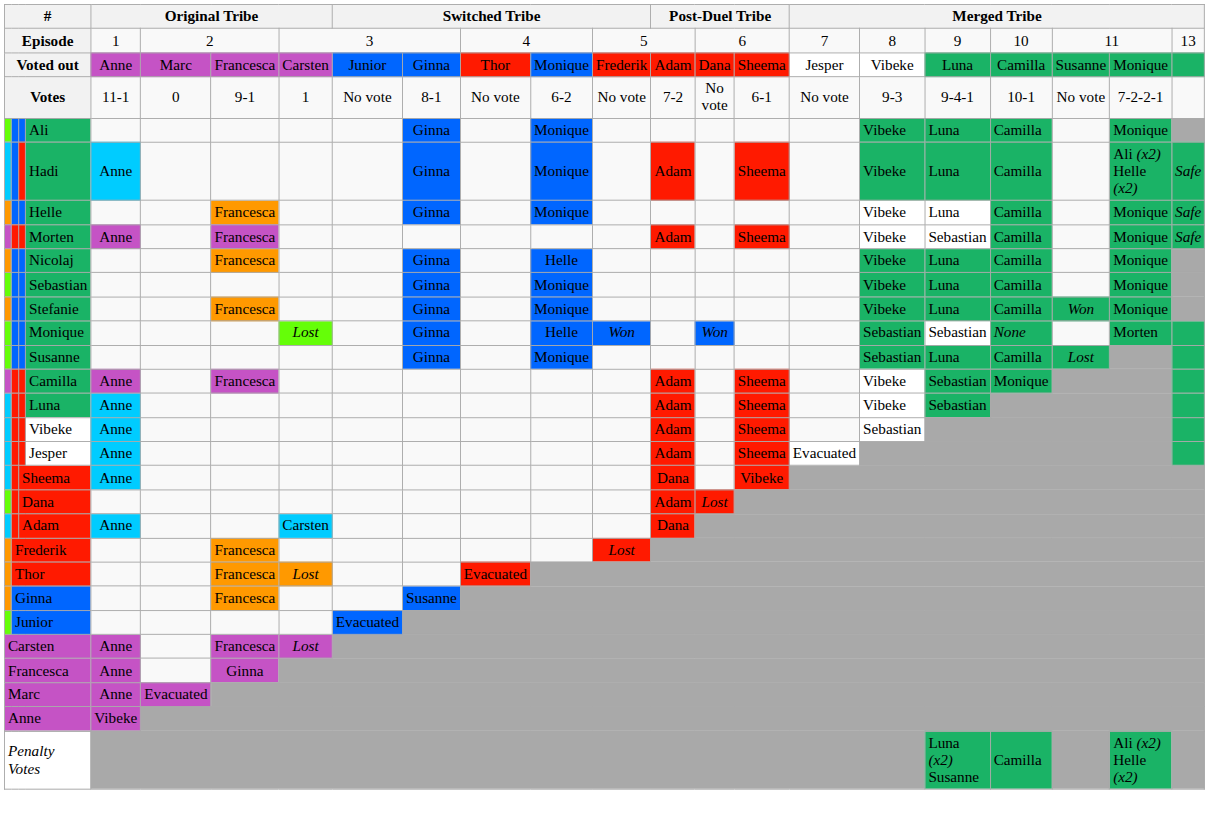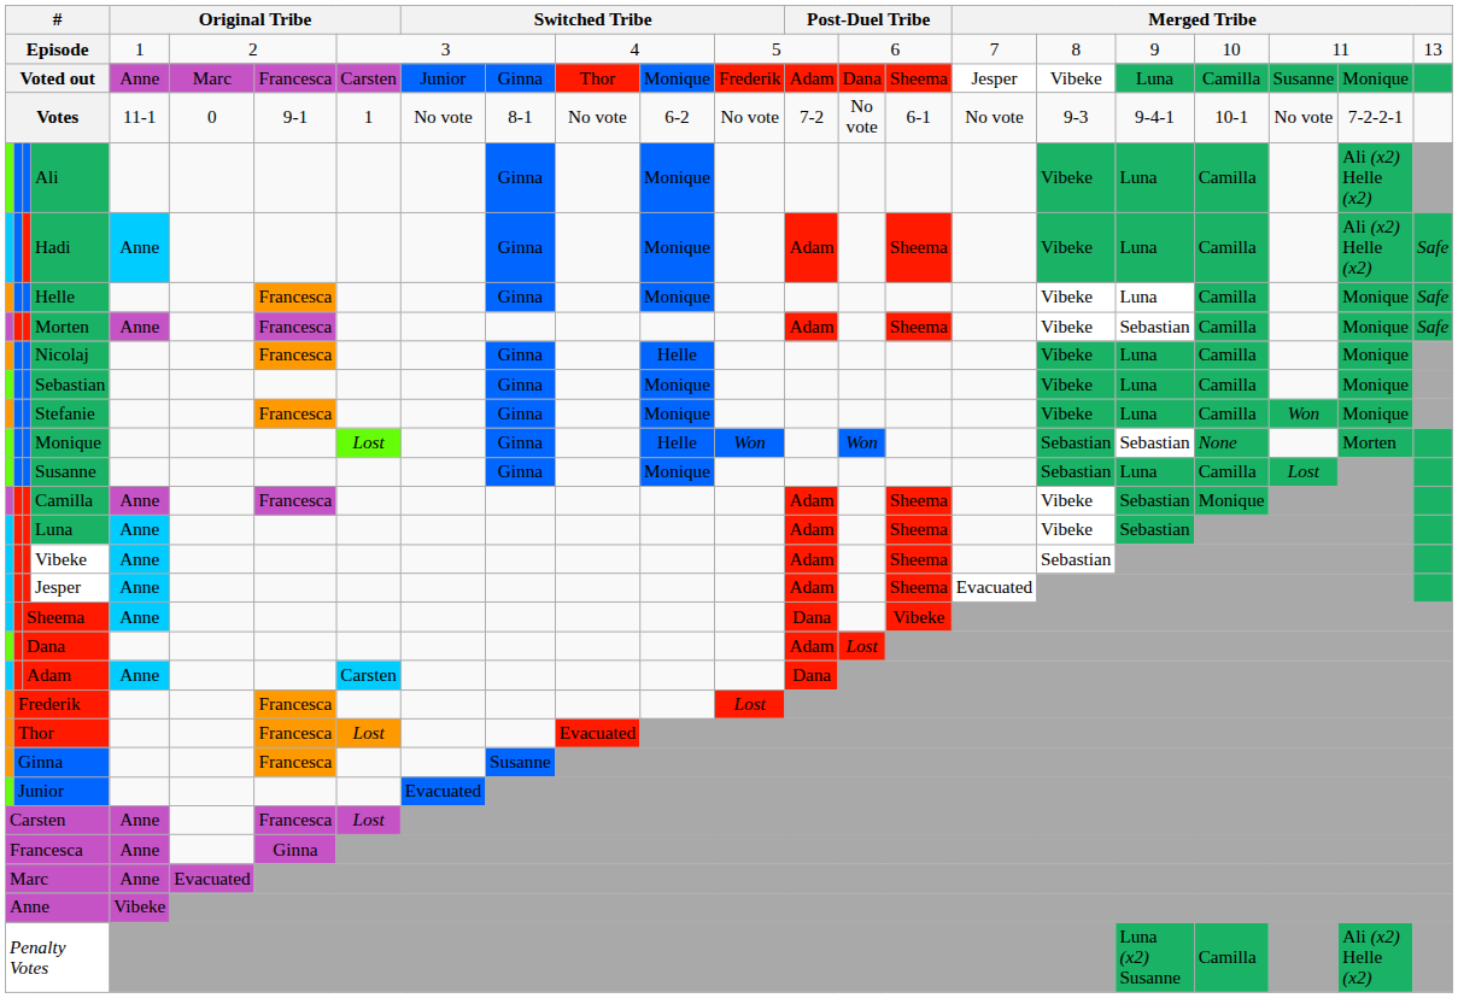 <table class="wikitable" text-align:center;">
 <tr>
 <th colspan="4">#</th>
 <th colspan="4">Original Tribe</th>
 <th colspan="5">Switched Tribe</th>
 <th colspan="3">Post-Duel Tribe</th>
 <th colspan="12">Merged Tribe</th>
 </tr>
 <tr>
 <th colspan="4" align="left">Episode</th>
 <td align="center">1</td>
 <td colspan="2" align="center">2</td>
 <td colspan="3" align="center">3</td>
 <td colspan="2" align="center">4</td>
 <td colspan="2" align="center">5</td>
 <td colspan="2" align="center">6</td>
 <td align="center">7</td>
 <td align="center">8</td>
 <td align="center">9</td>
 <td align="center">10</td>
 <td colspan="2" align="center">11</td>
 <td align="center">13</td>
 </tr>
 <tr>
 <th colspan="4" align="left">Voted out</th>
 <td colspan="1" align="center" bgcolor="#c553c5">Anne</td>
 <td colspan="1" align="center" bgcolor="#c553c5">Marc</td>
 <td colspan="1" align="center" bgcolor="#c553c5">Francesca</td>
 <td colspan="1" align="center" bgcolor="#c553c5">Carsten</td>
 <td colspan="1" align="center" bgcolor="#0066ff">Junior</td>
 <td colspan="1" align="center" bgcolor="#0066ff">Ginna</td>
 <td colspan="1" align="center" bgcolor="#ff1a00">Thor</td>
 <td colspan="1" align="center" bgcolor="#0066ff">Monique</td>
 <td colspan="1" align="center" bgcolor="#ff1a00">Frederik</td>
 <td colspan="1" align="center" bgcolor="#ff1a00">Adam</td>
 <td colspan="1" align="center" bgcolor="#ff1a00">Dana</td>
 <td colspan="1" align="center" bgcolor="#ff1a00">Sheema</td>
 <td colspan="1" align="center" bgcolor="white">Jesper</td>
 <td colspan="1" align="center" bgcolor="white">Vibeke</td>
 <td colspan="1" align="center" bgcolor="#1ab366">Luna</td>
 <td colspan="1" align="center" bgcolor="#1ab366">Camilla</td>
 <td colspan="1" align="center" bgcolor="#1ab366">Susanne</td>
 <td colspan="1" align="center" bgcolor="#1ab366">Monique</td>
 <td colspan="1" align="center" bgcolor="#1ab366"></td>
 </tr>
 <tr>
 <th colspan="4" align="left">Votes</th>
 <td align="center">11-1</td>
 <td align="center">0</td>
 <td align="center">9-1</td>
 <td align="center">1</td>
 <td align="center">No vote</td>
 <td align="center">8-1</td>
 <td align="center">No vote</td>
 <td align="center">6-2</td>
 <td align="center">No vote</td>
 <td align="center">7-2</td>
 <td align="center">No vote</td>
 <td align="center">6-1</td>
 <td align="center">No vote</td>
 <td align="center">9-3</td>
 <td align="center">9-4-1</td>
 <td align="center">10-1</td>
 <td align="center">No vote</td>
 <td align="center">7-2-2-1</td>
 <td align="center"></td>
 </tr>
 <tr>
 <td bgcolor="#65fe08"></td>
 <td bgcolor="#0066ff"></td>
 <td bgcolor="#0066ff"></td>
 <td align="left" bgcolor="#1ab366">Ali</td>
 <td></td>
 <td></td>
 <td></td>
 <td></td>
 <td></td>
 <td align="center" bgcolor="#0066ff">Ginna</td>
 <td></td>
 <td align="center" bgcolor="#0066ff">Monique</td>
 <td></td>
 <td></td>
 <td></td>
 <td></td>
 <td></td>
 <td bgcolor="#1ab366">Vibeke</td>
 <td bgcolor="#1ab366">Luna</td>
 <td bgcolor="#1ab366">Camilla</td>
 <td></td>
-<td bgcolor="#1ab366">Monique</td>
+<td bgcolor="#1ab366">Ali <em>(x2)</em><br>Helle <em>(x2)</em></td>
 <td bgcolor="darkgrey"></td>
 </tr>
 <tr>
 <td bgcolor="#00ccff"></td>
 <td bgcolor="#0066ff"></td>
 <td bgcolor="#ff1a00"></td>
 <td align="left" bgcolor="#1ab366">Hadi</td>
 <td align="center" bgcolor="#00ccff">Anne</td>
 <td></td>
 <td></td>
 <td></td>
 <td></td>
 <td align="center" bgcolor="#0066ff">Ginna</td>
 <td></td>
 <td align="center" bgcolor="#0066ff">Monique</td>
 <td></td>
 <td align="center" bgcolor="#ff1a00">Adam</td>
 <td></td>
 <td align="center" bgcolor="#ff1a00">Sheema</td>
 <td></td>
 <td bgcolor="#1ab366">Vibeke</td>
 <td bgcolor="#1ab366">Luna</td>
 <td bgcolor="#1ab366">Camilla</td>
 <td></td>
 <td bgcolor="#1ab366">Ali <em>(x2)</em><br>Helle <em>(x2)</em></td>
 <td bgcolor="#1ab366"><em>Safe</em></td>
 </tr>
 <tr>
 <td bgcolor="#ff9900"></td>
 <td bgcolor="#0066ff"></td>
 <td bgcolor="#0066ff"></td>
 <td align="left" bgcolor="#1ab366">Helle</td>
 <td></td>
 <td></td>
 <td align="center" bgcolor="#ff9900">Francesca</td>
 <td></td>
 <td></td>
 <td align="center" bgcolor="#0066ff">Ginna</td>
 <td></td>
 <td align="center" bgcolor="#0066ff">Monique</td>
 <td></td>
 <td></td>
 <td></td>
 <td></td>
 <td></td>
 <td bgcolor="white">Vibeke</td>
 <td bgcolor="white">Luna</td>
 <td bgcolor="#1ab366">Camilla</td>
 <td></td>
 <td bgcolor="#1ab366">Monique</td>
 <td bgcolor="#1ab366"><em>Safe</em></td>
 </tr>
 <tr>
 <td bgcolor="#c553c5"></td>
 <td bgcolor="#ff1a00"></td>
 <td bgcolor="#ff1a00"></td>
 <td align="left" bgcolor="#1ab366">Morten</td>
 <td align="center" bgcolor="#c553c5">Anne</td>
 <td></td>
 <td align="center" bgcolor="#c553c5">Francesca</td>
 <td></td>
 <td></td>
 <td></td>
 <td></td>
 <td></td>
 <td></td>
 <td align="center" bgcolor="#ff1a00">Adam</td>
 <td></td>
 <td align="center" bgcolor="#ff1a00">Sheema</td>
 <td></td>
 <td bgcolor="white">Vibeke</td>
 <td bgcolor="white">Sebastian</td>
 <td bgcolor="#1ab366">Camilla</td>
 <td></td>
 <td bgcolor="#1ab366">Monique</td>
 <td bgcolor="#1ab366"><em>Safe</em></td>
 </tr>
 <tr>
 <td bgcolor="#ff9900"></td>
 <td bgcolor="#0066ff"></td>
 <td bgcolor="#0066ff"></td>
 <td align="left" bgcolor="#1ab366">Nicolaj</td>
 <td></td>
 <td></td>
 <td align="center" bgcolor="#ff9900">Francesca</td>
 <td></td>
 <td></td>
 <td align="center" bgcolor="#0066ff">Ginna</td>
 <td></td>
 <td align="center" bgcolor="#0066ff">Helle</td>
 <td></td>
 <td></td>
 <td></td>
 <td></td>
 <td></td>
 <td bgcolor="#1ab366">Vibeke</td>
 <td bgcolor="#1ab366">Luna</td>
 <td bgcolor="#1ab366">Camilla</td>
 <td></td>
 <td bgcolor="#1ab366">Monique</td>
 <td bgcolor="darkgrey"></td>
 </tr>
 <tr>
 <td bgcolor="#65fe08"></td>
 <td bgcolor="#0066ff"></td>
 <td bgcolor="#0066ff"></td>
 <td align="left" bgcolor="#1ab366">Sebastian</td>
 <td></td>
 <td></td>
 <td></td>
 <td></td>
 <td></td>
 <td align="center" bgcolor="#0066ff">Ginna</td>
 <td></td>
 <td align="center" bgcolor="#0066ff">Monique</td>
 <td></td>
 <td></td>
 <td></td>
 <td></td>
 <td></td>
 <td bgcolor="#1ab366">Vibeke</td>
 <td bgcolor="#1ab366">Luna</td>
 <td bgcolor="#1ab366">Camilla</td>
 <td></td>
 <td bgcolor="#1ab366">Monique</td>
 <td bgcolor="darkgrey"></td>
 </tr>
 <tr>
 <td bgcolor="#ff9900"></td>
 <td bgcolor="#0066ff"></td>
 <td bgcolor="#0066ff"></td>
 <td align="left" bgcolor="#1ab366">Stefanie</td>
 <td></td>
 <td></td>
 <td align="center" bgcolor="#ff9900">Francesca</td>
 <td></td>
 <td></td>
 <td align="center" bgcolor="#0066ff">Ginna</td>
 <td></td>
 <td align="center" bgcolor="#0066ff">Monique</td>
 <td></td>
 <td></td>
 <td></td>
 <td></td>
 <td></td>
 <td bgcolor="#1ab366">Vibeke</td>
 <td bgcolor="#1ab366">Luna</td>
 <td bgcolor="#1ab366">Camilla</td>
 <td align="center" bgcolor="#1ab366"><em>Won</em></td>
 <td bgcolor="#1ab366">Monique</td>
 <td bgcolor="darkgrey"></td>
 </tr>
 <tr>
 <td bgcolor="#65fe08"></td>
 <td bgcolor="#0066ff"></td>
 <td bgcolor="#0066ff"></td>
 <td align="left" bgcolor="#1ab366">Monique</td>
 <td></td>
 <td></td>
 <td></td>
 <td align="center" bgcolor="#65fe08"><em>Lost</em></td>
 <td></td>
 <td align="center" bgcolor="#0066ff">Ginna</td>
 <td></td>
 <td align="center" bgcolor="#0066ff">Helle</td>
 <td align="center" bgcolor="#0066ff"><em>Won</em></td>
 <td></td>
 <td align="center" bgcolor="#0066ff"><em>Won</em></td>
 <td></td>
 <td></td>
 <td bgcolor="#1ab366">Sebastian</td>
 <td bgcolor="white">Sebastian</td>
 <td bgcolor="#1ab366"><em>None</em></td>
 <td></td>
 <td bgcolor="#1ab366">Morten</td>
 <td bgcolor="#1ab366"></td>
 </tr>
 <tr>
 <td bgcolor="#65fe08"></td>
 <td bgcolor="#0066ff"></td>
 <td bgcolor="#0066ff"></td>
 <td align="left" bgcolor="#1ab366">Susanne</td>
 <td></td>
 <td></td>
 <td></td>
 <td></td>
 <td></td>
 <td align="center" bgcolor="#0066ff">Ginna</td>
 <td></td>
 <td align="center" bgcolor="#0066ff">Monique</td>
 <td></td>
 <td></td>
 <td></td>
 <td></td>
 <td></td>
 <td bgcolor="#1ab366">Sebastian</td>
 <td bgcolor="#1ab366">Luna</td>
 <td bgcolor="#1ab366">Camilla</td>
 <td align="center" bgcolor="#1ab366"><em>Lost</em></td>
 <td bgcolor="darkgrey"></td>
 <td bgcolor="#1ab366"></td>
 </tr>
 <tr>
 <td bgcolor="#c553c5"></td>
 <td bgcolor="#ff1a00"></td>
 <td bgcolor="#ff1a00"></td>
 <td align="left" bgcolor="#1ab366">Camilla</td>
 <td align="center" bgcolor="#c553c5">Anne</td>
 <td></td>
 <td align="center" bgcolor="#c553c5">Francesca</td>
 <td></td>
 <td></td>
 <td></td>
 <td></td>
 <td></td>
 <td></td>
 <td align="center" bgcolor="#ff1a00">Adam</td>
 <td></td>
 <td align="center" bgcolor="#ff1a00">Sheema</td>
 <td></td>
 <td bgcolor="white">Vibeke</td>
 <td bgcolor="#1ab366">Sebastian</td>
 <td bgcolor="#1ab366">Monique</td>
 <td colspan="2" bgcolor="darkgrey"></td>
 <td bgcolor="#1ab366"></td>
 </tr>
 <tr>
 <td bgcolor="#00ccff"></td>
 <td bgcolor="#ff1a00"></td>
 <td bgcolor="#ff1a00"></td>
 <td align="left" bgcolor="#1ab366">Luna</td>
 <td align="center" bgcolor="#00ccff">Anne</td>
 <td></td>
 <td></td>
 <td></td>
 <td></td>
 <td></td>
 <td></td>
 <td></td>
 <td></td>
 <td align="center" bgcolor="#ff1a00">Adam</td>
 <td></td>
 <td align="center" bgcolor="#ff1a00">Sheema</td>
 <td></td>
 <td bgcolor="white">Vibeke</td>
 <td bgcolor="#1ab366">Sebastian</td>
 <td colspan="3" bgcolor="darkgrey"></td>
 <td bgcolor="#1ab366"></td>
 </tr>
 <tr>
 <td bgcolor="#00ccff"></td>
 <td bgcolor="#ff1a00"></td>
 <td bgcolor="#ff1a00"></td>
 <td align="left" bgcolor="white">Vibeke</td>
 <td align="center" bgcolor="#00ccff">Anne</td>
 <td></td>
 <td></td>
 <td></td>
 <td></td>
 <td></td>
 <td></td>
 <td></td>
 <td></td>
 <td align="left" bgcolor="#ff1a00">Adam</td>
 <td></td>
 <td align="left" bgcolor="#ff1a00">Sheema</td>
 <td></td>
 <td bgcolor="white">Sebastian</td>
 <td colspan="4" bgcolor="darkgrey"></td>
 <td bgcolor="#1ab366"></td>
 </tr>
 <tr>
 <td bgcolor="#00ccff"></td>
 <td bgcolor="#ff1a00"></td>
 <td bgcolor="#ff1a00"></td>
 <td align="left" bgcolor="white">Jesper</td>
 <td align="center" bgcolor="#00ccff">Anne</td>
 <td></td>
 <td></td>
 <td></td>
 <td></td>
 <td></td>
 <td></td>
 <td></td>
 <td></td>
 <td align="left" bgcolor="#ff1a00">Adam</td>
 <td></td>
 <td align="left" bgcolor="#ff1a00">Sheema</td>
 <td align="left" bgcolor="white">Evacuated</td>
 <td colspan="5" bgcolor="darkgrey"></td>
 <td bgcolor="#1ab366"></td>
 </tr>
 <tr>
 <td bgcolor="#00ccff"></td>
 <td bgcolor="#ff1a00"></td>
 <td colspan="2" align="left" bgcolor="#ff1a00">Sheema</td>
 <td align="center" bgcolor="#00ccff">Anne</td>
 <td></td>
 <td></td>
 <td></td>
 <td></td>
 <td></td>
 <td></td>
 <td></td>
 <td></td>
 <td align="center" bgcolor="#ff1a00">Dana</td>
 <td></td>
 <td align="center" bgcolor="#ff1a00">Vibeke</td>
 <td colspan="50" bgcolor="darkgrey"></td>
 </tr>
 <tr>
 <td bgcolor="#65fe08"></td>
 <td bgcolor="#ff1a00"></td>
 <td colspan="2" align="left" bgcolor="#ff1a00">Dana</td>
 <td></td>
 <td></td>
 <td></td>
 <td></td>
 <td></td>
 <td></td>
 <td></td>
 <td></td>
 <td></td>
 <td align="center" bgcolor="#ff1a00">Adam</td>
 <td align="center" bgcolor="#ff1a00"><em>Lost</em></td>
 <td colspan="50" bgcolor="darkgrey"></td>
 </tr>
 <tr>
 <td bgcolor="#00ccff"></td>
 <td bgcolor="#ff1a00"></td>
 <td colspan="2" align="left" bgcolor="#ff1a00">Adam</td>
 <td align="center" bgcolor="#00ccff">Anne</td>
 <td></td>
 <td></td>
 <td align="left" bgcolor="#00ccff">Carsten</td>
 <td></td>
 <td></td>
 <td></td>
 <td></td>
 <td></td>
 <td align="center" bgcolor="#ff1a00">Dana</td>
 <td colspan="50" bgcolor="darkgrey"></td>
 </tr>
 <tr>
 <td bgcolor="#ff9900"></td>
 <td colspan="3" align="left" bgcolor="#ff1a00">Frederik</td>
 <td></td>
 <td></td>
 <td align="center" bgcolor="#ff9900">Francesca</td>
 <td></td>
 <td></td>
 <td></td>
 <td></td>
 <td></td>
 <td align="center" bgcolor="#ff1a00"><em>Lost</em></td>
 <td colspan="50" bgcolor="darkgrey"></td>
 </tr>
 <tr>
 <td bgcolor="#ff9900"></td>
 <td colspan="3" align="left" bgcolor="#ff1a00">Thor</td>
 <td></td>
 <td></td>
 <td align="center" bgcolor="#ff9900">Francesca</td>
 <td align="center" bgcolor="#ff9900"><em>Lost</em></td>
 <td></td>
 <td></td>
 <td align="center" bgcolor="#ff1a00">Evacuated</td>
 <td colspan="50" bgcolor="darkgrey"></td>
 </tr>
 <tr>
 <td bgcolor="#ff9900"></td>
 <td colspan="3" align="left" bgcolor="#0066ff">Ginna</td>
 <td></td>
 <td></td>
 <td align="center" bgcolor="#ff9900">Francesca</td>
 <td></td>
 <td></td>
 <td align="center" bgcolor="#0066ff">Susanne</td>
 <td colspan="50" bgcolor="darkgrey"></td>
 </tr>
 <tr>
 <td bgcolor="#65fe08"></td>
 <td colspan="3" align="left" bgcolor="#0066ff">Junior</td>
 <td></td>
 <td></td>
 <td></td>
 <td></td>
 <td align="center" bgcolor="#0066ff">Evacuated</td>
 <td colspan="50" bgcolor="darkgrey"></td>
 </tr>
 <tr>
 <td colspan="4" align="left" bgcolor="#c553c5">Carsten</td>
 <td align="center" bgcolor="#c553c5">Anne</td>
 <td></td>
 <td align="center" bgcolor="#c553c5">Francesca</td>
 <td align="center" bgcolor="#c553c5"><em>Lost</em></td>
 <td colspan="50" bgcolor="darkgrey"></td>
 </tr>
 <tr>
 <td colspan="4" align="left" bgcolor="#c553c5">Francesca</td>
 <td align="center" bgcolor="#c553c5">Anne</td>
 <td></td>
 <td align="center" bgcolor="#c553c5">Ginna</td>
 <td colspan="50" bgcolor="darkgrey"></td>
 </tr>
 <tr>
 <td colspan="4" align="left" bgcolor="#c553c5">Marc</td>
 <td align="center" bgcolor="#c553c5">Anne</td>
 <td align="center" bgcolor="#c553c5">Evacuated</td>
 <td colspan="50" bgcolor="darkgrey"></td>
 </tr>
 <tr>
 <td colspan="4" align="left" bgcolor="#c553c5">Anne</td>
 <td align="center" bgcolor="#c553c5">Vibeke</td>
 <td colspan="50" bgcolor="darkgrey"></td>
 </tr>
 <tr>
 </tr>
 <tr>
 <td colspan="4" bgcolor="white" align="left"><em>Penalty Votes</em></td>
 <td colspan="14" bgcolor="darkgrey"></td>
 <td bgcolor="#1ab366">Luna <em>(x2)</em><br>Susanne</td>
 <td bgcolor="#1ab366">Camilla</td>
 <td bgcolor="darkgrey"></td>
 <td bgcolor="#1ab366">Ali <em>(x2)</em><br>Helle <em>(x2)</em></td>
 <td bgcolor="darkgrey"></td>
 </tr>
 </table>
